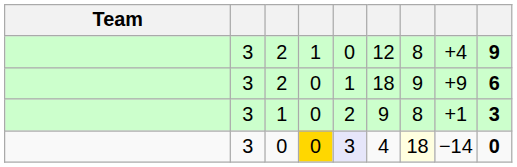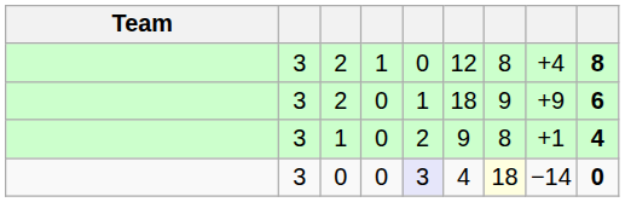 <table class="wikitable" style="text-align: center;">
 <tr>
 <th width="175">Team</th>
 <th width="20"></th>
 <th width="20"></th>
 <th width="20"></th>
 <th width="20"></th>
 <th width="20"></th>
 <th width="20"></th>
 <th width="20"></th>
 <th width="20"></th>
 </tr>
 <tr bgcolor="#ccffcc">
 <td align=left></td>
 <td>3</td>
 <td>2</td>
 <td>1</td>
 <td>0</td>
 <td>12</td>
 <td>8</td>
 <td>+4</td>
-<td><strong>9</strong></td>
+<td><strong>8</strong></td>
 </tr>
 <tr bgcolor="#ccffcc">
 <td align=left></td>
 <td>3</td>
 <td>2</td>
 <td>0</td>
 <td>1</td>
 <td>18</td>
 <td>9</td>
 <td>+9</td>
 <td><strong>6</strong></td>
 </tr>
 <tr bgcolor="#ccffcc">
 <td align=left></td>
 <td>3</td>
 <td>1</td>
 <td>0</td>
 <td>2</td>
 <td>9</td>
 <td>8</td>
 <td>+1</td>
-<td><strong>3</strong></td>
+<td><strong>4</strong></td>
 </tr>
 <tr>
 <td align=left></td>
 <td>3</td>
 <td>0</td>
-<td style="background: gold;">0</td>
+<td>0</td>
 <td style="background: lavender;">3</td>
 <td>4</td>
 <td style="background: lightyellow;">18</td>
 <td>−14</td>
 <td><strong>0</strong></td>
 </tr>
 </table>
